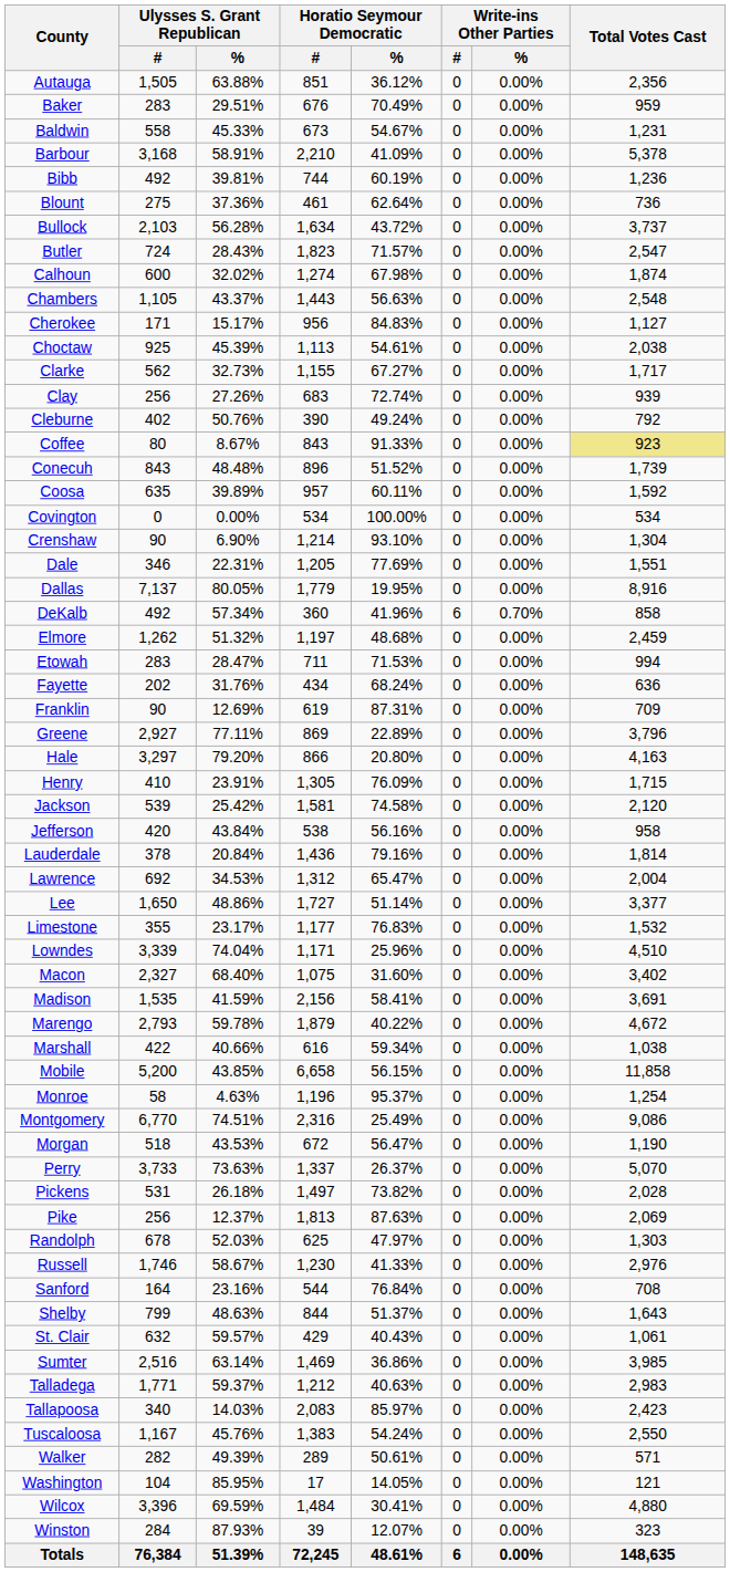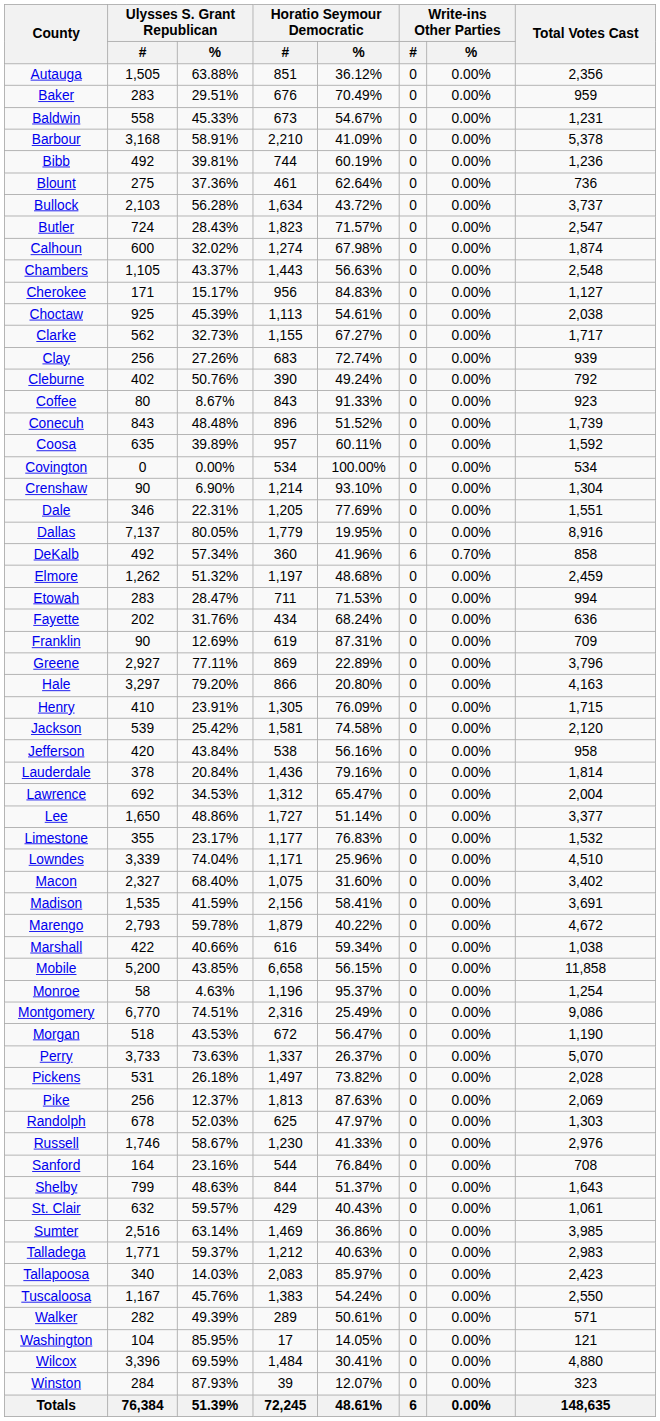 <table class="wikitable sortable" width="60%">
 <tr>
 <th rowspan="2">County</th>
 <th colspan="2">Ulysses S. Grant<br>Republican</th>
 <th colspan="2">Horatio Seymour<br>Democratic</th>
 <th colspan="2">Write-ins<br>Other Parties</th>
 <th rowspan="2">Total Votes Cast</th>
 </tr>
 <tr>
 <th data-sort-type="number" style="text-align:center;">#</th>
 <th data-sort-type="number" style="text-align:center;">%</th>
 <th data-sort-type="number" style="text-align:center;">#</th>
 <th data-sort-type="number" style="text-align:center;">%</th>
 <th>#</th>
 <th>%</th>
 </tr>
 <tr style="text-align:center;">
 <td><a href='#'>Autauga</a></td>
 <td>1,505</td>
 <td>63.88%</td>
 <td>851</td>
 <td>36.12%</td>
 <td>0</td>
 <td>0.00%</td>
 <td>2,356</td>
 </tr>
 <tr style="text-align:center;">
 <td><a href='#'>Baker</a></td>
 <td>283</td>
 <td>29.51%</td>
 <td>676</td>
 <td>70.49%</td>
 <td>0</td>
 <td>0.00%</td>
 <td>959</td>
 </tr>
 <tr style="text-align:center;">
 <td><a href='#'>Baldwin</a></td>
 <td>558</td>
 <td>45.33%</td>
 <td>673</td>
 <td>54.67%</td>
 <td>0</td>
 <td>0.00%</td>
 <td>1,231</td>
 </tr>
 <tr style="text-align:center;">
 <td><a href='#'>Barbour</a></td>
 <td>3,168</td>
 <td>58.91%</td>
 <td>2,210</td>
 <td>41.09%</td>
 <td>0</td>
 <td>0.00%</td>
 <td>5,378</td>
 </tr>
 <tr style="text-align:center;">
 <td><a href='#'>Bibb</a></td>
 <td>492</td>
 <td>39.81%</td>
 <td>744</td>
 <td>60.19%</td>
 <td>0</td>
 <td>0.00%</td>
 <td>1,236</td>
 </tr>
 <tr style="text-align:center;">
 <td><a href='#'>Blount</a></td>
 <td>275</td>
 <td>37.36%</td>
 <td>461</td>
 <td>62.64%</td>
 <td>0</td>
 <td>0.00%</td>
 <td>736</td>
 </tr>
 <tr style="text-align:center;">
 <td><a href='#'>Bullock</a></td>
 <td>2,103</td>
 <td>56.28%</td>
 <td>1,634</td>
 <td>43.72%</td>
 <td>0</td>
 <td>0.00%</td>
 <td>3,737</td>
 </tr>
 <tr style="text-align:center;">
 <td><a href='#'>Butler</a></td>
 <td>724</td>
 <td>28.43%</td>
 <td>1,823</td>
 <td>71.57%</td>
 <td>0</td>
 <td>0.00%</td>
 <td>2,547</td>
 </tr>
 <tr style="text-align:center;">
 <td><a href='#'>Calhoun</a></td>
 <td>600</td>
 <td>32.02%</td>
 <td>1,274</td>
 <td>67.98%</td>
 <td>0</td>
 <td>0.00%</td>
 <td>1,874</td>
 </tr>
 <tr style="text-align:center;">
 <td><a href='#'>Chambers</a></td>
 <td>1,105</td>
 <td>43.37%</td>
 <td>1,443</td>
 <td>56.63%</td>
 <td>0</td>
 <td>0.00%</td>
 <td>2,548</td>
 </tr>
 <tr style="text-align:center;">
 <td><a href='#'>Cherokee</a></td>
 <td>171</td>
 <td>15.17%</td>
 <td>956</td>
 <td>84.83%</td>
 <td>0</td>
 <td>0.00%</td>
 <td>1,127</td>
 </tr>
 <tr style="text-align:center;">
 <td><a href='#'>Choctaw</a></td>
 <td>925</td>
 <td>45.39%</td>
 <td>1,113</td>
 <td>54.61%</td>
 <td>0</td>
 <td>0.00%</td>
 <td>2,038</td>
 </tr>
 <tr style="text-align:center;">
 <td><a href='#'>Clarke</a></td>
 <td>562</td>
 <td>32.73%</td>
 <td>1,155</td>
 <td>67.27%</td>
 <td>0</td>
 <td>0.00%</td>
 <td>1,717</td>
 </tr>
 <tr style="text-align:center;">
 <td><a href='#'>Clay</a></td>
 <td>256</td>
 <td>27.26%</td>
 <td>683</td>
 <td>72.74%</td>
 <td>0</td>
 <td>0.00%</td>
 <td>939</td>
 </tr>
 <tr style="text-align:center;">
 <td><a href='#'>Cleburne</a></td>
 <td>402</td>
 <td>50.76%</td>
 <td>390</td>
 <td>49.24%</td>
 <td>0</td>
 <td>0.00%</td>
 <td>792</td>
 </tr>
 <tr style="text-align:center;">
 <td><a href='#'>Coffee</a></td>
 <td>80</td>
 <td>8.67%</td>
 <td>843</td>
 <td>91.33%</td>
 <td>0</td>
 <td>0.00%</td>
-<td style="background: khaki;">923</td>
+<td>923</td>
 </tr>
 <tr style="text-align:center;">
 <td><a href='#'>Conecuh</a></td>
 <td>843</td>
 <td>48.48%</td>
 <td>896</td>
 <td>51.52%</td>
 <td>0</td>
 <td>0.00%</td>
 <td>1,739</td>
 </tr>
 <tr style="text-align:center;">
 <td><a href='#'>Coosa</a></td>
 <td>635</td>
 <td>39.89%</td>
 <td>957</td>
 <td>60.11%</td>
 <td>0</td>
 <td>0.00%</td>
 <td>1,592</td>
 </tr>
 <tr style="text-align:center;">
 <td><a href='#'>Covington</a></td>
 <td>0</td>
 <td>0.00%</td>
 <td>534</td>
 <td>100.00%</td>
 <td>0</td>
 <td>0.00%</td>
 <td>534</td>
 </tr>
 <tr style="text-align:center;">
 <td><a href='#'>Crenshaw</a></td>
 <td>90</td>
 <td>6.90%</td>
 <td>1,214</td>
 <td>93.10%</td>
 <td>0</td>
 <td>0.00%</td>
 <td>1,304</td>
 </tr>
 <tr style="text-align:center;">
 <td><a href='#'>Dale</a></td>
 <td>346</td>
 <td>22.31%</td>
 <td>1,205</td>
 <td>77.69%</td>
 <td>0</td>
 <td>0.00%</td>
 <td>1,551</td>
 </tr>
 <tr style="text-align:center;">
 <td><a href='#'>Dallas</a></td>
 <td>7,137</td>
 <td>80.05%</td>
 <td>1,779</td>
 <td>19.95%</td>
 <td>0</td>
 <td>0.00%</td>
 <td>8,916</td>
 </tr>
 <tr style="text-align:center;">
 <td><a href='#'>DeKalb</a></td>
 <td>492</td>
 <td>57.34%</td>
 <td>360</td>
 <td>41.96%</td>
 <td>6</td>
 <td>0.70%</td>
 <td>858</td>
 </tr>
 <tr style="text-align:center;">
 <td><a href='#'>Elmore</a></td>
 <td>1,262</td>
 <td>51.32%</td>
 <td>1,197</td>
 <td>48.68%</td>
 <td>0</td>
 <td>0.00%</td>
 <td>2,459</td>
 </tr>
 <tr style="text-align:center;">
 <td><a href='#'>Etowah</a></td>
 <td>283</td>
 <td>28.47%</td>
 <td>711</td>
 <td>71.53%</td>
 <td>0</td>
 <td>0.00%</td>
 <td>994</td>
 </tr>
 <tr style="text-align:center;">
 <td><a href='#'>Fayette</a></td>
 <td>202</td>
 <td>31.76%</td>
 <td>434</td>
 <td>68.24%</td>
 <td>0</td>
 <td>0.00%</td>
 <td>636</td>
 </tr>
 <tr style="text-align:center;">
 <td><a href='#'>Franklin</a></td>
 <td>90</td>
 <td>12.69%</td>
 <td>619</td>
 <td>87.31%</td>
 <td>0</td>
 <td>0.00%</td>
 <td>709</td>
 </tr>
 <tr style="text-align:center;">
 <td><a href='#'>Greene</a></td>
 <td>2,927</td>
 <td>77.11%</td>
 <td>869</td>
 <td>22.89%</td>
 <td>0</td>
 <td>0.00%</td>
 <td>3,796</td>
 </tr>
 <tr style="text-align:center;">
 <td><a href='#'>Hale</a></td>
 <td>3,297</td>
 <td>79.20%</td>
 <td>866</td>
 <td>20.80%</td>
 <td>0</td>
 <td>0.00%</td>
 <td>4,163</td>
 </tr>
 <tr style="text-align:center;">
 <td><a href='#'>Henry</a></td>
 <td>410</td>
 <td>23.91%</td>
 <td>1,305</td>
 <td>76.09%</td>
 <td>0</td>
 <td>0.00%</td>
 <td>1,715</td>
 </tr>
 <tr style="text-align:center;">
 <td><a href='#'>Jackson</a></td>
 <td>539</td>
 <td>25.42%</td>
 <td>1,581</td>
 <td>74.58%</td>
 <td>0</td>
 <td>0.00%</td>
 <td>2,120</td>
 </tr>
 <tr style="text-align:center;">
 <td><a href='#'>Jefferson</a></td>
 <td>420</td>
 <td>43.84%</td>
 <td>538</td>
 <td>56.16%</td>
 <td>0</td>
 <td>0.00%</td>
 <td>958</td>
 </tr>
 <tr style="text-align:center;">
 <td><a href='#'>Lauderdale</a></td>
 <td>378</td>
 <td>20.84%</td>
 <td>1,436</td>
 <td>79.16%</td>
 <td>0</td>
 <td>0.00%</td>
 <td>1,814</td>
 </tr>
 <tr style="text-align:center;">
 <td><a href='#'>Lawrence</a></td>
 <td>692</td>
 <td>34.53%</td>
 <td>1,312</td>
 <td>65.47%</td>
 <td>0</td>
 <td>0.00%</td>
 <td>2,004</td>
 </tr>
 <tr style="text-align:center;">
 <td><a href='#'>Lee</a></td>
 <td>1,650</td>
 <td>48.86%</td>
 <td>1,727</td>
 <td>51.14%</td>
 <td>0</td>
 <td>0.00%</td>
 <td>3,377</td>
 </tr>
 <tr style="text-align:center;">
 <td><a href='#'>Limestone</a></td>
 <td>355</td>
 <td>23.17%</td>
 <td>1,177</td>
 <td>76.83%</td>
 <td>0</td>
 <td>0.00%</td>
 <td>1,532</td>
 </tr>
 <tr style="text-align:center;">
 <td><a href='#'>Lowndes</a></td>
 <td>3,339</td>
 <td>74.04%</td>
 <td>1,171</td>
 <td>25.96%</td>
 <td>0</td>
 <td>0.00%</td>
 <td>4,510</td>
 </tr>
 <tr style="text-align:center;">
 <td><a href='#'>Macon</a></td>
 <td>2,327</td>
 <td>68.40%</td>
 <td>1,075</td>
 <td>31.60%</td>
 <td>0</td>
 <td>0.00%</td>
 <td>3,402</td>
 </tr>
 <tr style="text-align:center;">
 <td><a href='#'>Madison</a></td>
 <td>1,535</td>
 <td>41.59%</td>
 <td>2,156</td>
 <td>58.41%</td>
 <td>0</td>
 <td>0.00%</td>
 <td>3,691</td>
 </tr>
 <tr style="text-align:center;">
 <td><a href='#'>Marengo</a></td>
 <td>2,793</td>
 <td>59.78%</td>
 <td>1,879</td>
 <td>40.22%</td>
 <td>0</td>
 <td>0.00%</td>
 <td>4,672</td>
 </tr>
 <tr style="text-align:center;">
 <td><a href='#'>Marshall</a></td>
 <td>422</td>
 <td>40.66%</td>
 <td>616</td>
 <td>59.34%</td>
 <td>0</td>
 <td>0.00%</td>
 <td>1,038</td>
 </tr>
 <tr style="text-align:center;">
 <td><a href='#'>Mobile</a></td>
 <td>5,200</td>
 <td>43.85%</td>
 <td>6,658</td>
 <td>56.15%</td>
 <td>0</td>
 <td>0.00%</td>
 <td>11,858</td>
 </tr>
 <tr style="text-align:center;">
 <td><a href='#'>Monroe</a></td>
 <td>58</td>
 <td>4.63%</td>
 <td>1,196</td>
 <td>95.37%</td>
 <td>0</td>
 <td>0.00%</td>
 <td>1,254</td>
 </tr>
 <tr style="text-align:center;">
 <td><a href='#'>Montgomery</a></td>
 <td>6,770</td>
 <td>74.51%</td>
 <td>2,316</td>
 <td>25.49%</td>
 <td>0</td>
 <td>0.00%</td>
 <td>9,086</td>
 </tr>
 <tr style="text-align:center;">
 <td><a href='#'>Morgan</a></td>
 <td>518</td>
 <td>43.53%</td>
 <td>672</td>
 <td>56.47%</td>
 <td>0</td>
 <td>0.00%</td>
 <td>1,190</td>
 </tr>
 <tr style="text-align:center;">
 <td><a href='#'>Perry</a></td>
 <td>3,733</td>
 <td>73.63%</td>
 <td>1,337</td>
 <td>26.37%</td>
 <td>0</td>
 <td>0.00%</td>
 <td>5,070</td>
 </tr>
 <tr style="text-align:center;">
 <td><a href='#'>Pickens</a></td>
 <td>531</td>
 <td>26.18%</td>
 <td>1,497</td>
 <td>73.82%</td>
 <td>0</td>
 <td>0.00%</td>
 <td>2,028</td>
 </tr>
 <tr style="text-align:center;">
 <td><a href='#'>Pike</a></td>
 <td>256</td>
 <td>12.37%</td>
 <td>1,813</td>
 <td>87.63%</td>
 <td>0</td>
 <td>0.00%</td>
 <td>2,069</td>
 </tr>
 <tr style="text-align:center;">
 <td><a href='#'>Randolph</a></td>
 <td>678</td>
 <td>52.03%</td>
 <td>625</td>
 <td>47.97%</td>
 <td>0</td>
 <td>0.00%</td>
 <td>1,303</td>
 </tr>
 <tr style="text-align:center;">
 <td><a href='#'>Russell</a></td>
 <td>1,746</td>
 <td>58.67%</td>
 <td>1,230</td>
 <td>41.33%</td>
 <td>0</td>
 <td>0.00%</td>
 <td>2,976</td>
 </tr>
 <tr style="text-align:center;">
 <td><a href='#'>Sanford</a></td>
 <td>164</td>
 <td>23.16%</td>
 <td>544</td>
 <td>76.84%</td>
 <td>0</td>
 <td>0.00%</td>
 <td>708</td>
 </tr>
 <tr style="text-align:center;">
 <td><a href='#'>Shelby</a></td>
 <td>799</td>
 <td>48.63%</td>
 <td>844</td>
 <td>51.37%</td>
 <td>0</td>
 <td>0.00%</td>
 <td>1,643</td>
 </tr>
 <tr style="text-align:center;">
 <td><a href='#'>St. Clair</a></td>
 <td>632</td>
 <td>59.57%</td>
 <td>429</td>
 <td>40.43%</td>
 <td>0</td>
 <td>0.00%</td>
 <td>1,061</td>
 </tr>
 <tr style="text-align:center;">
 <td><a href='#'>Sumter</a></td>
 <td>2,516</td>
 <td>63.14%</td>
 <td>1,469</td>
 <td>36.86%</td>
 <td>0</td>
 <td>0.00%</td>
 <td>3,985</td>
 </tr>
 <tr style="text-align:center;">
 <td><a href='#'>Talladega</a></td>
 <td>1,771</td>
 <td>59.37%</td>
 <td>1,212</td>
 <td>40.63%</td>
 <td>0</td>
 <td>0.00%</td>
 <td>2,983</td>
 </tr>
 <tr style="text-align:center;">
 <td><a href='#'>Tallapoosa</a></td>
 <td>340</td>
 <td>14.03%</td>
 <td>2,083</td>
 <td>85.97%</td>
 <td>0</td>
 <td>0.00%</td>
 <td>2,423</td>
 </tr>
 <tr style="text-align:center;">
 <td><a href='#'>Tuscaloosa</a></td>
 <td>1,167</td>
 <td>45.76%</td>
 <td>1,383</td>
 <td>54.24%</td>
 <td>0</td>
 <td>0.00%</td>
 <td>2,550</td>
 </tr>
 <tr style="text-align:center;">
 <td><a href='#'>Walker</a></td>
 <td>282</td>
 <td>49.39%</td>
 <td>289</td>
 <td>50.61%</td>
 <td>0</td>
 <td>0.00%</td>
 <td>571</td>
 </tr>
 <tr style="text-align:center;">
 <td><a href='#'>Washington</a></td>
 <td>104</td>
 <td>85.95%</td>
 <td>17</td>
 <td>14.05%</td>
 <td>0</td>
 <td>0.00%</td>
 <td>121</td>
 </tr>
 <tr style="text-align:center;">
 <td><a href='#'>Wilcox</a></td>
 <td>3,396</td>
 <td>69.59%</td>
 <td>1,484</td>
 <td>30.41%</td>
 <td>0</td>
 <td>0.00%</td>
 <td>4,880</td>
 </tr>
 <tr style="text-align:center;">
 <td><a href='#'>Winston</a></td>
 <td>284</td>
 <td>87.93%</td>
 <td>39</td>
 <td>12.07%</td>
 <td>0</td>
 <td>0.00%</td>
 <td>323</td>
 </tr>
 <tr>
 <th>Totals</th>
 <th>76,384</th>
 <th>51.39%</th>
 <th>72,245</th>
 <th>48.61%</th>
 <th>6</th>
 <th>0.00%</th>
 <th>148,635</th>
 </tr>
 </table>
